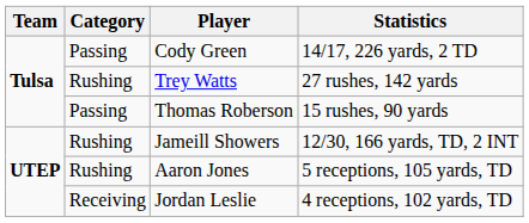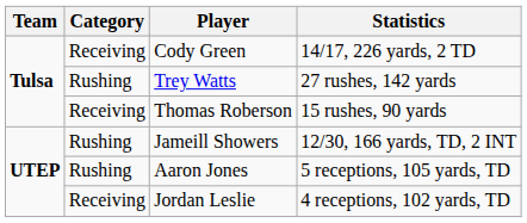 <table class="wikitable" style="float: left;">
 <tr>
 <th>Team</th>
 <th>Category</th>
 <th>Player</th>
 <th>Statistics</th>
 </tr>
 <tr>
 <td rowspan=3><strong>Tulsa</strong></td>
-<td>Passing</td>
+<td>Receiving</td>
 <td>Cody Green</td>
 <td>14/17, 226 yards, 2 TD</td>
 </tr>
 <tr>
 <td>Rushing</td>
 <td><a href='#'>Trey Watts</a></td>
 <td>27 rushes, 142 yards</td>
 </tr>
 <tr>
-<td>Passing</td>
+<td>Receiving</td>
 <td>Thomas Roberson</td>
 <td>15 rushes, 90 yards</td>
 </tr>
 <tr>
 <td rowspan=3><strong>UTEP</strong></td>
 <td>Rushing</td>
 <td>Jameill Showers</td>
 <td>12/30, 166 yards, TD, 2 INT</td>
 </tr>
 <tr>
 <td>Rushing</td>
 <td>Aaron Jones</td>
 <td>5 receptions, 105 yards, TD</td>
 </tr>
 <tr>
 <td>Receiving</td>
 <td>Jordan Leslie</td>
 <td>4 receptions, 102 yards, TD</td>
 </tr>
 </table>
